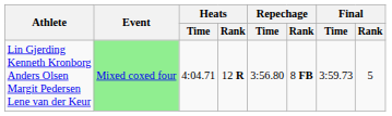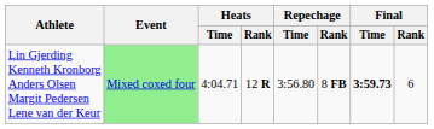 <table class="wikitable" style="font-size:90%;">
 <tr>
 <th rowspan="2">Athlete</th>
 <th rowspan="2">Event</th>
 <th colspan="2">Heats</th>
 <th colspan="2">Repechage</th>
 <th colspan="2">Final</th>
 </tr>
 <tr style="font-size:95%">
 <th>Time</th>
 <th>Rank</th>
 <th>Time</th>
 <th>Rank</th>
 <th>Time</th>
 <th>Rank</th>
 </tr>
 <tr>
 <td align=left><a href='#'>Lin Gjerding</a><br> <a href='#'>Kenneth Kronborg</a><br> <a href='#'>Anders Olsen</a><br> <a href='#'>Margit Pedersen</a><br> <a href='#'>Lene van der Keur</a></td>
 <td align=left style="background: lightgreen;"><a href='#'>Mixed coxed four</a></td>
 <td align=center>4:04.71</td>
 <td align=center>12 <strong>R</strong></td>
 <td align=center>3:56.80</td>
 <td align=center>8 <strong>FB</strong></td>
-<td align=center>3:59.73</td>
-<td align=center>5</td>
+<td align=center><strong>3:59.73</strong></td>
+<td align=center>6</td>
 </tr>
 </table>
